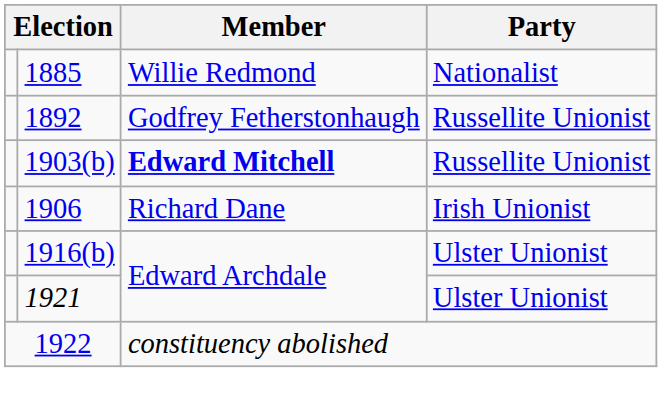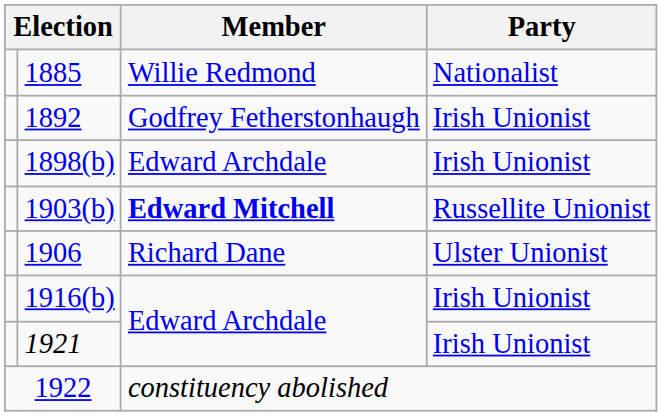 <table class="wikitable">
 <tr>
 <th colspan="2">Election</th>
 <th>Member</th>
 <th>Party</th>
 </tr>
 <tr>
 <td style="color:inherit;background-color: "></td>
 <td><a href='#'>1885</a></td>
 <td><a href='#'>Willie Redmond</a></td>
 <td><a href='#'>Nationalist</a></td>
 </tr>
 <tr>
 <td style="color:inherit;background-color: "></td>
 <td><a href='#'>1892</a></td>
 <td><a href='#'>Godfrey Fetherstonhaugh</a></td>
-<td><a href='#'>Russellite Unionist</a></td>
+<td><a href='#'>Irish Unionist</a></td>
+</tr>
+<tr>
+<td style="color:inherit;background-color: "></td>
+<td><a href='#'>1898(b)</a></td>
+<td><a href='#'>Edward Archdale</a></td>
+<td><a href='#'>Irish Unionist</a></td>
 </tr>
 <tr>
 <td style="color:inherit;background-color: "></td>
 <td><a href='#'>1903(b)</a></td>
 <td><strong><a href='#'>Edward Mitchell</a></strong></td>
 <td><a href='#'>Russellite Unionist</a></td>
 </tr>
 <tr>
 <td style="color:inherit;background-color: "></td>
 <td><a href='#'>1906</a></td>
 <td><a href='#'>Richard Dane</a></td>
-<td><a href='#'>Irish Unionist</a></td>
+<td><a href='#'>Ulster Unionist</a></td>
 </tr>
 <tr>
 <td style="color:inherit;background-color: "></td>
 <td><a href='#'>1916(b)</a></td>
 <td rowspan="2"><a href='#'>Edward Archdale</a></td>
-<td><a href='#'>Ulster Unionist</a></td>
+<td><a href='#'>Irish Unionist</a></td>
 </tr>
 <tr>
 <td style="color:inherit;background-color: "></td>
 <td><em>1921</em></td>
-<td><a href='#'>Ulster Unionist</a></td>
+<td><a href='#'>Irish Unionist</a></td>
 </tr>
 <tr>
 <td colspan="2" align="center"><a href='#'>1922</a></td>
 <td colspan="2"><em>constituency abolished</em></td>
 </tr>
 </table>
